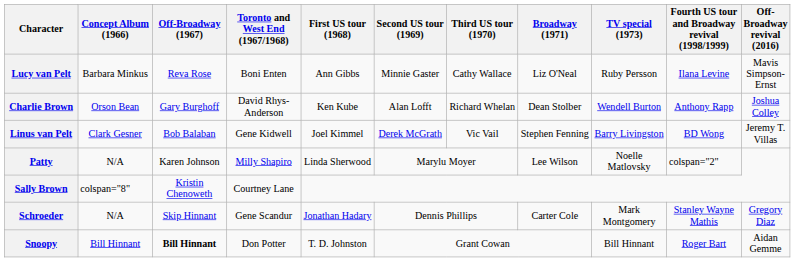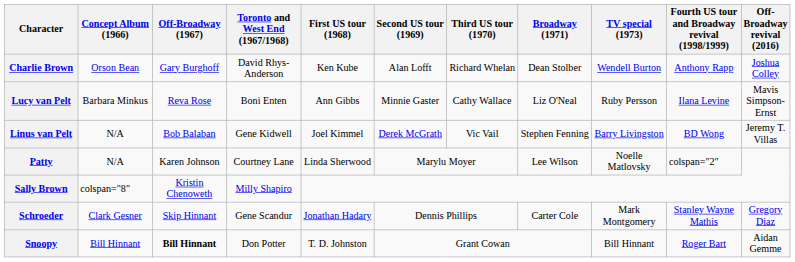 <table class="wikitable">
 <tr>
 <th width="10%" scope="col">Character</th>
 <th width="10%" scope="col"><a href='#'>Concept Album</a><br>(1966)</th>
 <th width="10%" scope="col"><a href='#'>Off-Broadway</a><br>(1967)</th>
 <th width="10%" scope="col"><a href='#'>Toronto</a> and <a href='#'>West End</a><br>(1967/1968)</th>
 <th width="10%" scope="col">First US tour<br>(1968)</th>
 <th width="10%" scope="col">Second US tour<br>(1969)</th>
 <th width="10%" scope="col">Third US tour<br>(1970)</th>
 <th width="10%" scope="col"><a href='#'>Broadway</a><br>(1971)</th>
 <th width="10%" scope="col"><a href='#'>TV special</a><br>(1973)</th>
 <th width="10%" scope="col">Fourth US tour and Broadway revival<br>(1998/1999)</th>
 <th width="10%" scope="col">Off-Broadway revival<br>(2016)</th>
 </tr>
 <tr>
+<th style="text-align:center;"><a href='#'>Charlie Brown</a></th>
+<td style="text-align:center;"><a href='#'>Orson Bean</a></td>
+<td style="text-align:center;"><a href='#'>Gary Burghoff</a></td>
+<td style="text-align:center;">David Rhys-Anderson</td>
+<td style="text-align:center;">Ken Kube</td>
+<td style="text-align:center;">Alan Lofft</td>
+<td style="text-align:center;">Richard Whelan</td>
+<td style="text-align:center;">Dean Stolber</td>
+<td style="text-align:center;"><a href='#'>Wendell Burton</a></td>
+<td style="text-align:center;"><a href='#'>Anthony Rapp</a></td>
+<td style="text-align:center;"><a href='#'>Joshua Colley</a></td>
+</tr>
+<tr>
 <th style="text-align:center;"><a href='#'>Lucy van Pelt</a></th>
 <td style="text-align:center;">Barbara Minkus</td>
 <td style="text-align:center;"><a href='#'>Reva Rose</a></td>
 <td style="text-align:center;">Boni Enten</td>
 <td style="text-align:center;">Ann Gibbs</td>
 <td style="text-align:center;">Minnie Gaster</td>
 <td style="text-align:center;">Cathy Wallace</td>
 <td style="text-align:center;">Liz O'Neal</td>
 <td style="text-align:center;">Ruby Persson</td>
 <td style="text-align:center;"><a href='#'>Ilana Levine</a></td>
 <td style="text-align:center;">Mavis Simpson-Ernst</td>
 </tr>
 <tr>
-<th style="text-align:center;"><a href='#'>Charlie Brown</a></th>
-<td style="text-align:center;"><a href='#'>Orson Bean</a></td>
-<td style="text-align:center;"><a href='#'>Gary Burghoff</a></td>
-<td style="text-align:center;">David Rhys-Anderson</td>
-<td style="text-align:center;">Ken Kube</td>
-<td style="text-align:center;">Alan Lofft</td>
-<td style="text-align:center;">Richard Whelan</td>
-<td style="text-align:center;">Dean Stolber</td>
-<td style="text-align:center;"><a href='#'>Wendell Burton</a></td>
-<td style="text-align:center;"><a href='#'>Anthony Rapp</a></td>
-<td style="text-align:center;"><a href='#'>Joshua Colley</a></td>
-</tr>
-<tr>
 <th style="text-align:center;"><a href='#'>Linus van Pelt</a></th>
-<td style="text-align:center;"><a href='#'>Clark Gesner</a></td>
+<td style="text-align:center;">N/A</td>
 <td style="text-align:center;"><a href='#'>Bob Balaban</a></td>
 <td style="text-align:center;">Gene Kidwell</td>
 <td style="text-align:center;">Joel Kimmel</td>
 <td style="text-align:center;"><a href='#'>Derek McGrath</a></td>
 <td style="text-align:center;">Vic Vail</td>
 <td style="text-align:center;">Stephen Fenning</td>
 <td style="text-align:center;"><a href='#'>Barry Livingston</a></td>
 <td style="text-align:center;"><a href='#'>BD Wong</a></td>
 <td style="text-align:center;">Jeremy T. Villas</td>
 </tr>
 <tr>
 <th><a href='#'>Patty</a></th>
 <td style="text-align:center;">N/A</td>
 <td style="text-align:center;">Karen Johnson</td>
-<td style="text-align:center;"><a href='#'>Milly Shapiro</a></td>
+<td style="text-align:center;">Courtney Lane</td>
 <td style="text-align:center;">Linda Sherwood</td>
 <td colspan="2" style="text-align:center;">Marylu Moyer</td>
 <td style="text-align:center;">Lee Wilson</td>
 <td style="text-align:center;">Noelle Matlovsky</td>
 <td>colspan="2" </td>
 </tr>
 <tr>
 <th><a href='#'>Sally Brown</a></th>
 <td>colspan="8" </td>
 <td style="text-align:center;"><a href='#'>Kristin Chenoweth</a></td>
-<td style="text-align:center;">Courtney Lane</td>
+<td style="text-align:center;"><a href='#'>Milly Shapiro</a></td>
 </tr>
 <tr>
 <th><a href='#'>Schroeder</a></th>
-<td style="text-align:center;">N/A</td>
+<td style="text-align:center;"><a href='#'>Clark Gesner</a></td>
 <td style="text-align:center;"><a href='#'>Skip Hinnant</a></td>
 <td style="text-align:center;">Gene Scandur</td>
 <td style="text-align:center;"><a href='#'>Jonathan Hadary</a></td>
 <td colspan="2" style="text-align:center;">Dennis Phillips</td>
 <td style="text-align:center;">Carter Cole</td>
 <td style="text-align:center;">Mark Montgomery</td>
 <td style="text-align:center;"><a href='#'>Stanley Wayne Mathis</a></td>
 <td style="text-align:center;"><a href='#'>Gregory Diaz</a></td>
 </tr>
 <tr>
 <th><a href='#'>Snoopy</a></th>
 <td style="text-align:center;"><a href='#'>Bill Hinnant</a></td>
 <td style="text-align:center;"><strong>Bill Hinnant</strong></td>
 <td style="text-align:center;">Don Potter</td>
 <td style="text-align:center;">T. D. Johnston</td>
 <td colspan="3" style="text-align:center;">Grant Cowan</td>
 <td style="text-align:center;">Bill Hinnant</td>
 <td style="text-align:center;"><a href='#'>Roger Bart</a></td>
 <td style="text-align:center;">Aidan Gemme</td>
 </tr>
 </table>
